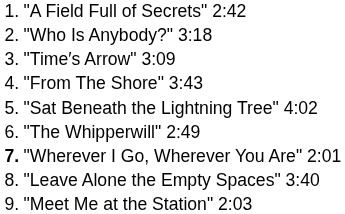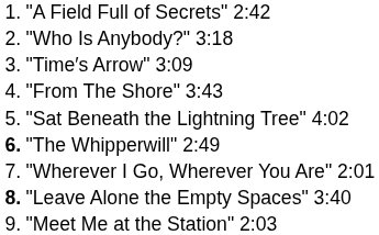 <table style="background: transparent; margin: auto auto auto 2em ">
 <tr>
 <td>1.</td>
 <td>"A Field Full of Secrets" 2:42</td>
 <td></td>
 </tr>
 <tr>
 <td>2.</td>
 <td>"Who Is Anybody?" 3:18</td>
 <td></td>
 </tr>
 <tr>
 <td>3.</td>
 <td>"Time′s Arrow" 3:09</td>
 <td></td>
 </tr>
 <tr>
 <td>4.</td>
 <td>"From The Shore" 3:43</td>
 <td></td>
 </tr>
 <tr>
 <td>5.</td>
 <td>"Sat Beneath the Lightning Tree" 4:02</td>
 <td></td>
 </tr>
 <tr>
-<td>6.</td>
+<td><strong>6.</strong></td>
 <td>"The Whipperwill" 2:49</td>
 <td></td>
 </tr>
 <tr>
-<td><strong>7.</strong></td>
+<td>7.</td>
 <td>"Wherever I Go, Wherever You Are" 2:01</td>
 <td></td>
 </tr>
 <tr>
-<td>8.</td>
+<td><strong>8.</strong></td>
 <td>"Leave Alone the Empty Spaces" 3:40</td>
 <td></td>
 </tr>
 <tr>
 <td>9.</td>
 <td>"Meet Me at the Station" 2:03</td>
 <td></td>
 </tr>
 </table>
